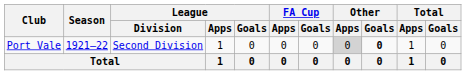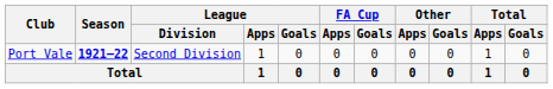 <table class="wikitable" style="text-align:center">
 <tr>
 <th rowspan="2">Club</th>
 <th rowspan="2">Season</th>
 <th colspan="3">League</th>
 <th colspan="2"><a href='#'>FA Cup</a></th>
 <th colspan="2">Other</th>
 <th colspan="2">Total</th>
 </tr>
 <tr>
 <th>Division</th>
 <th>Apps</th>
 <th>Goals</th>
 <th>Apps</th>
 <th>Goals</th>
 <th>Apps</th>
 <th>Goals</th>
 <th>Apps</th>
 <th>Goals</th>
 </tr>
 <tr>
 <td><a href='#'>Port Vale</a></td>
-<td><a href='#'>1921–22</a></td>
+<td><strong><a href='#'>1921–22</a></strong></td>
 <td><a href='#'>Second Division</a></td>
 <td>1</td>
 <td>0</td>
 <td>0</td>
 <td>0</td>
-<td style="background: lightgrey;">0</td>
-<td><strong>0</strong></td>
+<td>0</td>
+<td>0</td>
 <td>1</td>
 <td>0</td>
 </tr>
 <tr>
 <th colspan="3">Total</th>
 <th>1</th>
 <th>0</th>
 <th>0</th>
 <th>0</th>
 <th>0</th>
 <th>0</th>
 <th>1</th>
 <th>0</th>
 </tr>
 </table>
